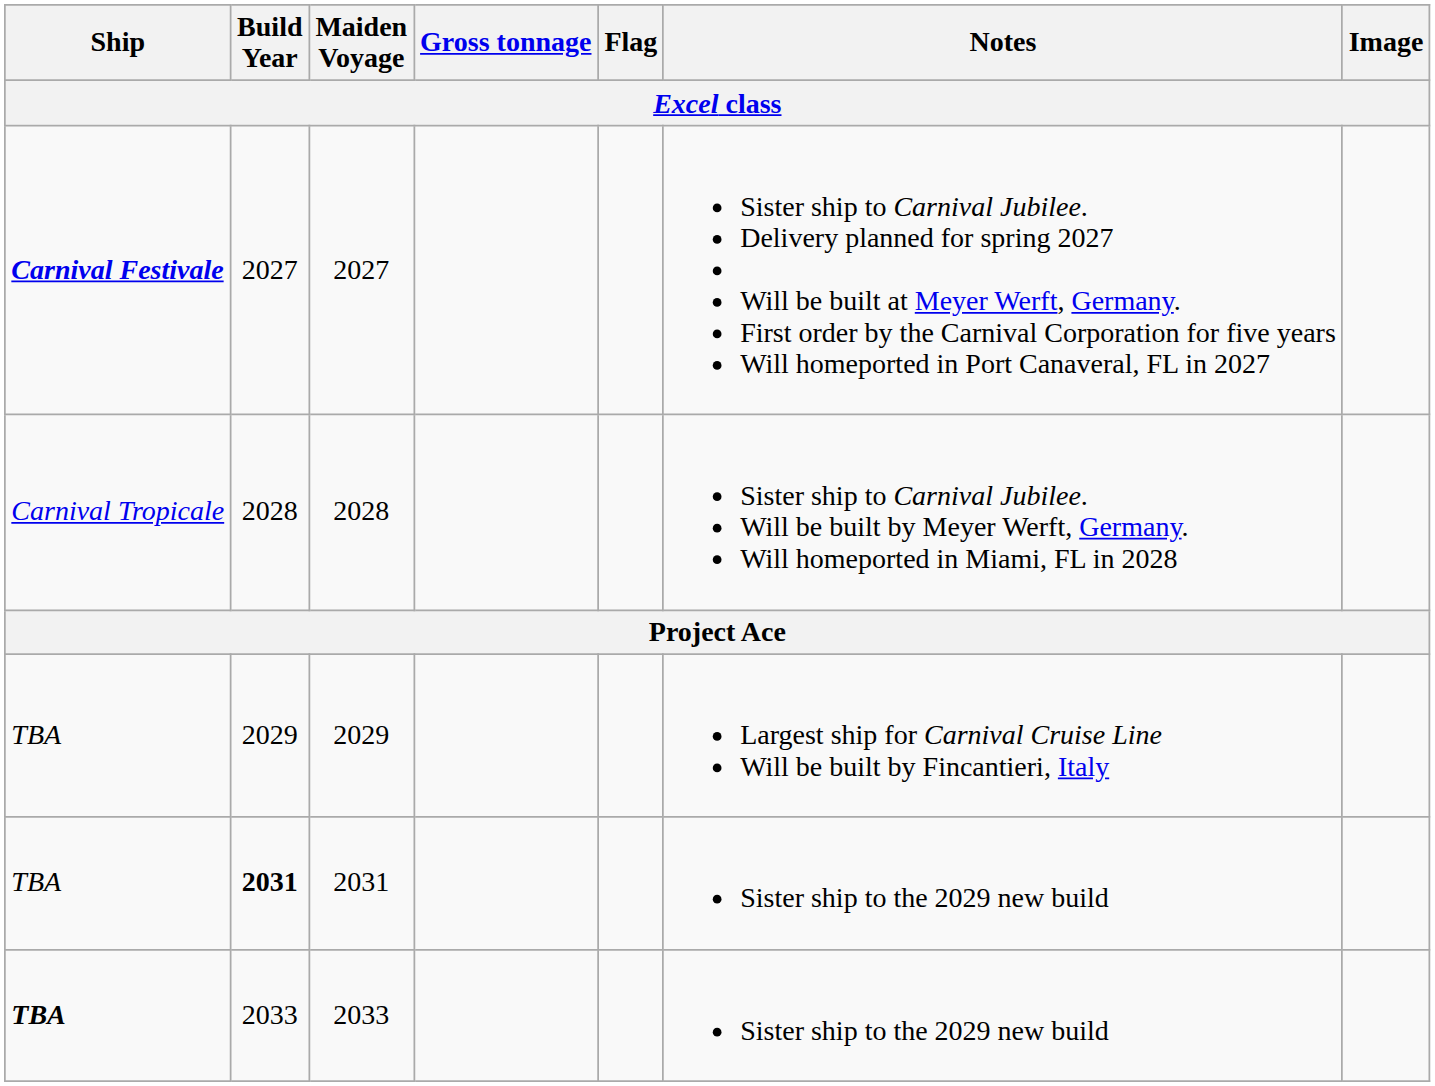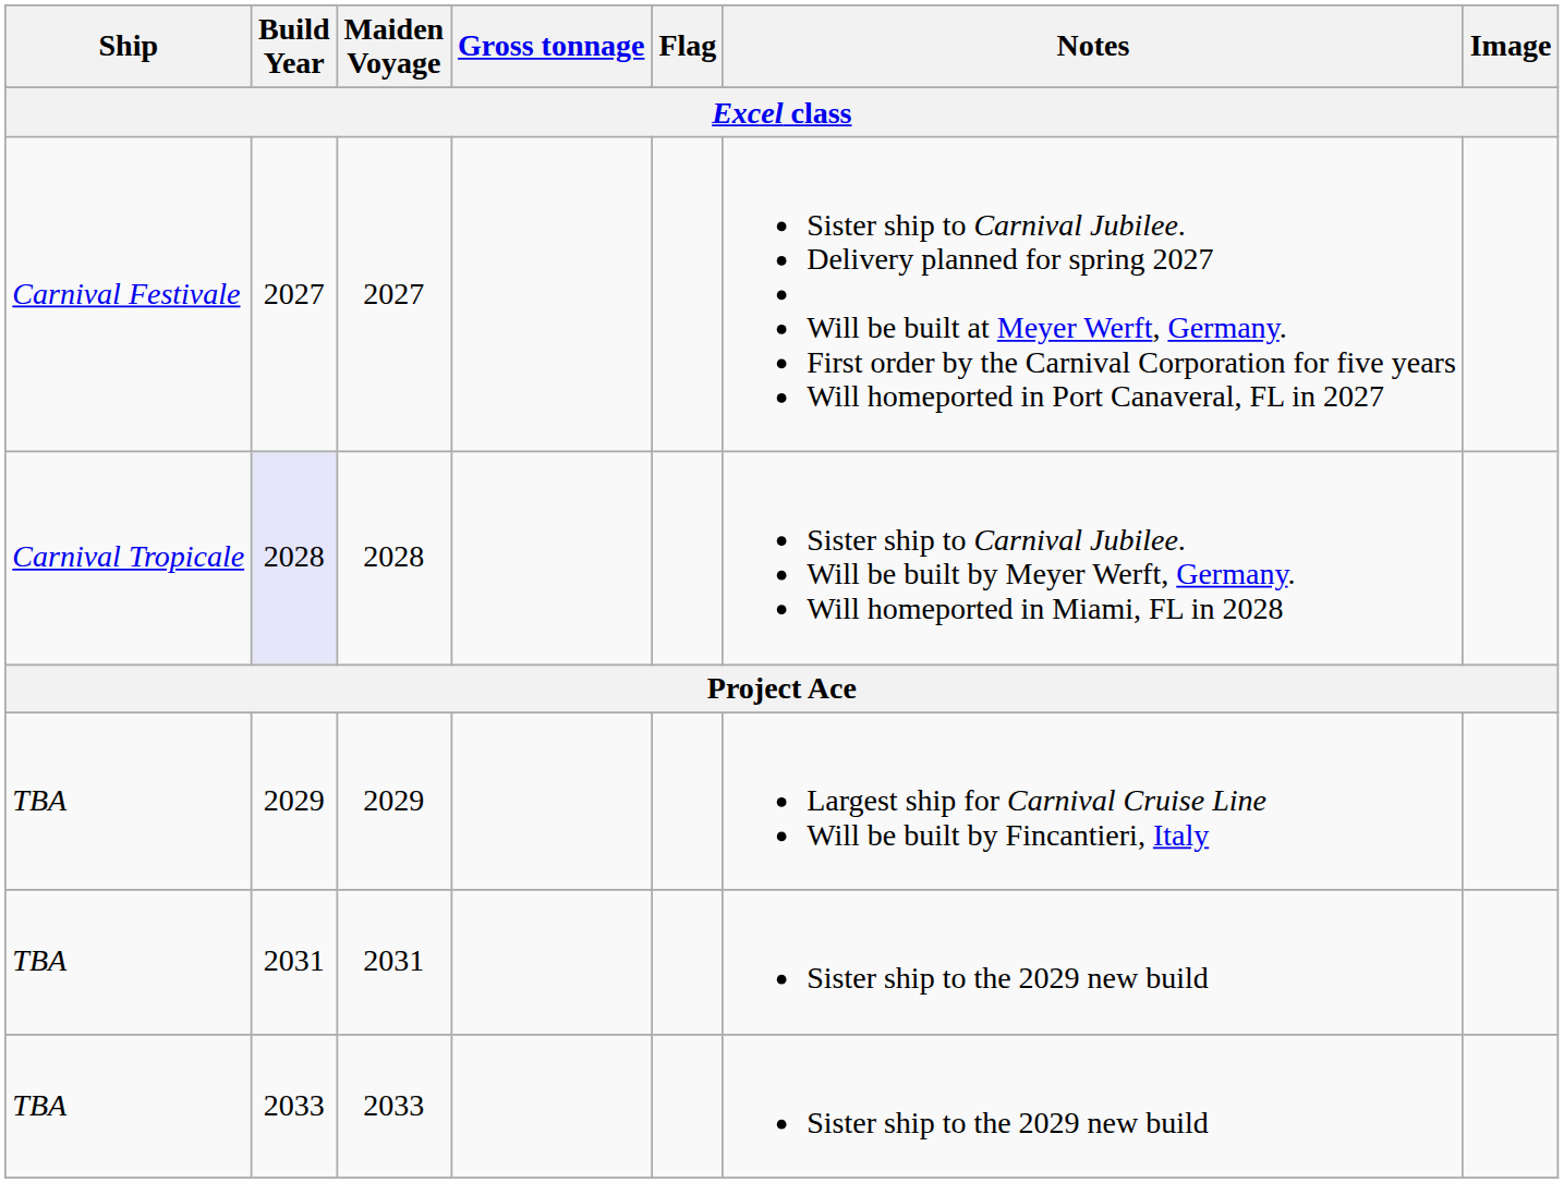 <table class="wikitable sortable">
 <tr>
 <th>Ship</th>
 <th>Build<br>Year</th>
 <th>Maiden<br>Voyage</th>
 <th><a href='#'>Gross tonnage</a></th>
 <th>Flag</th>
 <th>Notes</th>
 <th>Image</th>
 </tr>
 <tr>
 <th colspan="7"><a href='#'><em>Excel</em> class</a></th>
 </tr>
 <tr>
-<td><strong><em><a href='#'>Carnival Festivale</a></em></strong></td>
+<td><em><a href='#'>Carnival Festivale</a></em></td>
 <td style="text-align:Center;">2027</td>
 <td style="text-align:Center;">2027</td>
 <td style="text-align:Center;"></td>
 <td style="text-align:Center;"></td>
 <td><br><ul><li>Sister ship to <em>Carnival Jubilee</em>.</li><li>Delivery planned for spring 2027</li><li></li><li>Will be built at <a href='#'>Meyer Werft</a>, <a href='#'>Germany</a>.</li><li>First order by the Carnival Corporation for five years</li><li>Will homeported in Port Canaveral, FL in 2027</li></ul></td>
 <td></td>
 </tr>
 <tr>
 <td><em><a href='#'>Carnival Tropicale</a></em></td>
-<td style="text-align:Center;">2028</td>
+<td style="background: lavender; text-align:Center;">2028</td>
 <td style="text-align:Center;">2028</td>
 <td style="text-align:Center;"></td>
 <td style="text-align:Center;"></td>
 <td><br><ul><li>Sister ship to <em>Carnival Jubilee</em>.</li><li>Will be built by Meyer Werft, <a href='#'>Germany</a>.</li><li>Will homeported in Miami, FL in 2028</li></ul></td>
 <td></td>
 </tr>
 <tr>
 <th colspan="7">Project Ace</th>
 </tr>
 <tr>
 <td><em>TBA</em></td>
 <td style="text-align:Center;">2029</td>
 <td style="text-align:Center;">2029</td>
 <td style="text-align:Center;"></td>
 <td style="text-align:Center;"></td>
 <td><br><ul><li>Largest ship for <em>Carnival Cruise Line</em></li><li>Will be built by Fincantieri, <a href='#'>Italy</a></li></ul></td>
 <td></td>
 </tr>
 <tr>
 <td><em>TBA</em></td>
-<td style="text-align:Center;"><strong>2031</strong></td>
+<td style="text-align:Center;">2031</td>
 <td style="text-align:Center;">2031</td>
 <td style="text-align:Center;"></td>
 <td style="text-align:Center;"></td>
 <td><br><ul><li>Sister ship to the 2029 new build</li></ul></td>
 <td></td>
 </tr>
 <tr>
-<td><strong><em>TBA</em></strong></td>
+<td><em>TBA</em></td>
 <td style="text-align:Center;">2033</td>
 <td style="text-align:Center;">2033</td>
 <td style="text-align:Center;"></td>
 <td style="text-align:Center;"></td>
 <td><br><ul><li>Sister ship to the 2029 new build</li></ul></td>
 <td></td>
 </tr>
 </table>
